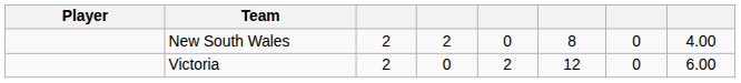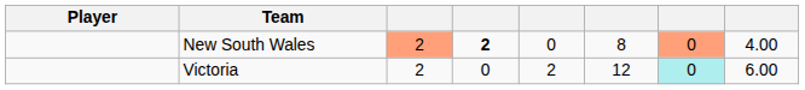 <table class="wikitable sortable">
 <tr>
 <th style="width: 10em;">Player</th>
 <th style="width: 12em;">Team</th>
 <th style="width: 3.5em;"></th>
 <th style="width: 3.5em;"></th>
 <th style="width: 3.5em;"></th>
 <th style="width: 4em;"></th>
 <th style="width: 3.5em;"></th>
 <th style="width: 4em;"></th>
 </tr>
 <tr style="text-align:center;">
 <td style="text-align:left;"></td>
 <td style="text-align:left;">New South Wales</td>
-<td>2</td>
-<td>2</td>
+<td style="background: lightsalmon;">2</td>
+<td><strong>2</strong></td>
 <td>0</td>
 <td>8</td>
-<td>0</td>
+<td style="background: lightsalmon;">0</td>
 <td>4.00</td>
 </tr>
 <tr style="text-align:center;">
 <td style="text-align:left;"></td>
 <td style="text-align:left;">Victoria</td>
 <td>2</td>
 <td>0</td>
 <td>2</td>
 <td>12</td>
-<td>0</td>
+<td style="background: paleturquoise;">0</td>
 <td>6.00</td>
 </tr>
 </table>
